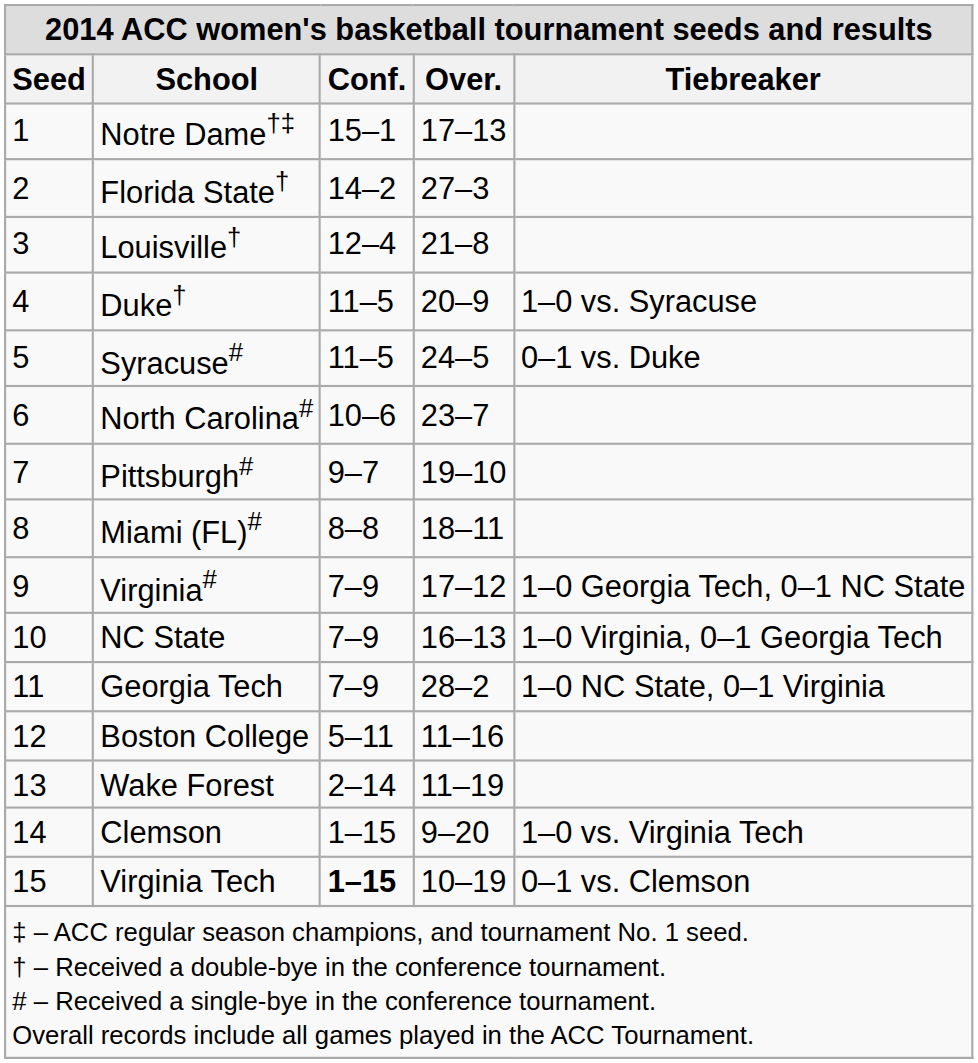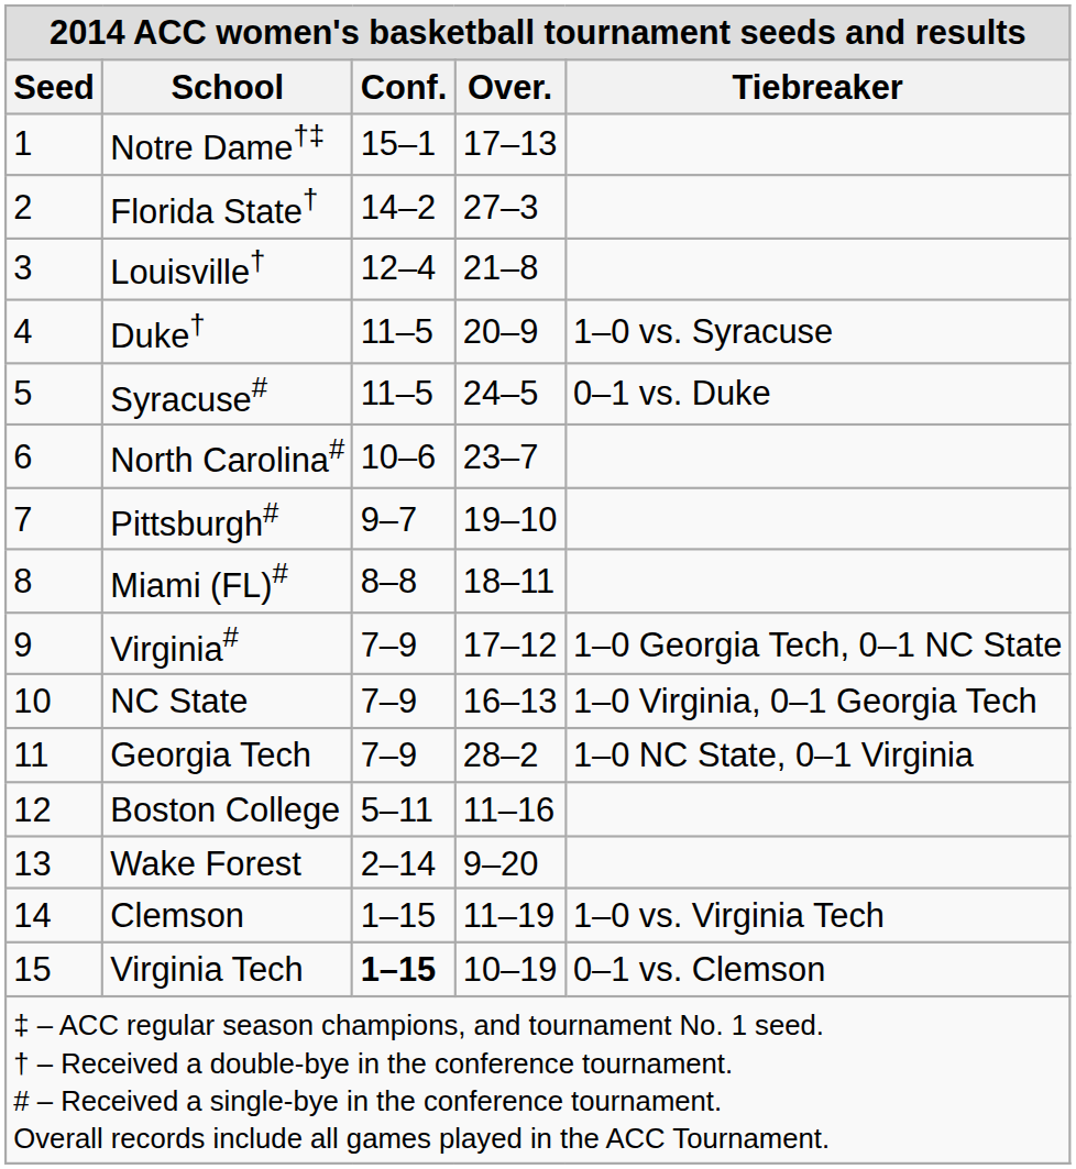 <table class="wikitable" style="white-space:nowrap; font-size:90%;">
 <tr>
 <td colspan="10" style="text-align:center; background:#DDDDDD; font:#000000"><strong>2014 ACC women's basketball tournament seeds and results</strong></td>
 </tr>
 <tr bgcolor="#efefef">
 <th>Seed</th>
 <th>School</th>
 <th>Conf.</th>
 <th>Over.</th>
 <th>Tiebreaker</th>
 </tr>
 <tr>
 <td>1</td>
 <td>Notre Dame<sup>†‡</sup></td>
 <td>15–1</td>
 <td>17–13</td>
 <td></td>
 </tr>
 <tr>
 <td>2</td>
 <td>Florida State<sup>†</sup></td>
 <td>14–2</td>
 <td>27–3</td>
 <td></td>
 </tr>
 <tr>
 <td>3</td>
 <td>Louisville<sup>†</sup></td>
 <td>12–4</td>
 <td>21–8</td>
 <td></td>
 </tr>
 <tr>
 <td>4</td>
 <td>Duke<sup>†</sup></td>
 <td>11–5</td>
 <td>20–9</td>
 <td>1–0 vs. Syracuse</td>
 </tr>
 <tr>
 <td>5</td>
 <td>Syracuse<sup>#</sup></td>
 <td>11–5</td>
 <td>24–5</td>
 <td>0–1 vs. Duke</td>
 </tr>
 <tr>
 <td>6</td>
 <td>North Carolina<sup>#</sup></td>
 <td>10–6</td>
 <td>23–7</td>
 <td></td>
 </tr>
 <tr>
 <td>7</td>
 <td>Pittsburgh<sup>#</sup></td>
 <td>9–7</td>
 <td>19–10</td>
 <td></td>
 </tr>
 <tr>
 <td>8</td>
 <td>Miami (FL)<sup>#</sup></td>
 <td>8–8</td>
 <td>18–11</td>
 <td></td>
 </tr>
 <tr>
 <td>9</td>
 <td>Virginia<sup>#</sup></td>
 <td>7–9</td>
 <td>17–12</td>
 <td>1–0 Georgia Tech, 0–1 NC State</td>
 </tr>
 <tr>
 <td>10</td>
 <td>NC State</td>
 <td>7–9</td>
 <td>16–13</td>
 <td>1–0 Virginia, 0–1 Georgia Tech</td>
 </tr>
 <tr>
 <td>11</td>
 <td>Georgia Tech</td>
 <td>7–9</td>
 <td>28–2</td>
 <td>1–0 NC State, 0–1 Virginia</td>
 </tr>
 <tr>
 <td>12</td>
 <td>Boston College</td>
 <td>5–11</td>
 <td>11–16</td>
 <td></td>
 </tr>
 <tr>
 <td>13</td>
 <td>Wake Forest</td>
 <td>2–14</td>
-<td>11–19</td>
+<td>9–20</td>
 <td></td>
 </tr>
 <tr>
 <td>14</td>
 <td>Clemson</td>
 <td>1–15</td>
-<td>9–20</td>
+<td>11–19</td>
 <td>1–0 vs. Virginia Tech</td>
 </tr>
 <tr>
 <td>15</td>
 <td>Virginia Tech</td>
 <td><strong>1–15</strong></td>
 <td>10–19</td>
 <td>0–1 vs. Clemson</td>
 </tr>
 <tr>
 <td colspan="10" style="text-align:left;"><small>‡ – ACC regular season champions, and tournament No. 1 seed.<br>† – Received a double-bye in the conference tournament.<br># – Received a single-bye in the conference tournament.<br>Overall records include all games played in the ACC Tournament.</small></td>
 </tr>
 <tr>
 </tr>
 </table>
